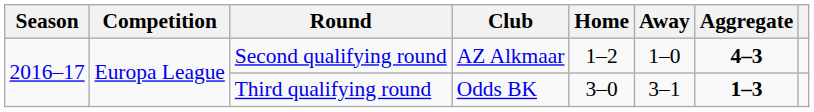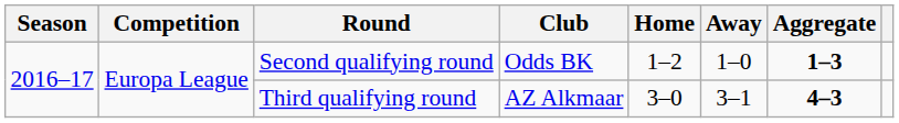 <table class="wikitable">
 <tr>
 <th>Season</th>
 <th>Competition</th>
 <th>Round</th>
 <th>Club</th>
 <th>Home</th>
 <th>Away</th>
 <th>Aggregate</th>
 <th></th>
 </tr>
 <tr>
 <td rowspan="2"><a href='#'>2016–17</a></td>
 <td rowspan="2"><a href='#'>Europa League</a></td>
 <td><a href='#'>Second qualifying round</a></td>
-<td> <a href='#'>AZ Alkmaar</a></td>
+<td> <a href='#'>Odds BK</a></td>
 <td align=center>1–2</td>
 <td align=center>1–0</td>
-<td align=center><strong>4–3</strong></td>
+<td align=center><strong>1–3</strong></td>
 <td></td>
 </tr>
 <tr>
 <td><a href='#'>Third qualifying round</a></td>
-<td> <a href='#'>Odds BK</a></td>
+<td> <a href='#'>AZ Alkmaar</a></td>
 <td align=center>3–0</td>
 <td align=center>3–1</td>
-<td align=center><strong>1–3</strong></td>
+<td align=center><strong>4–3</strong></td>
 <td></td>
 </tr>
 </table>
